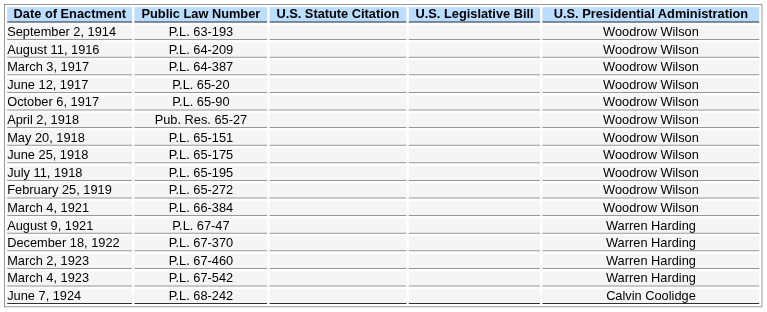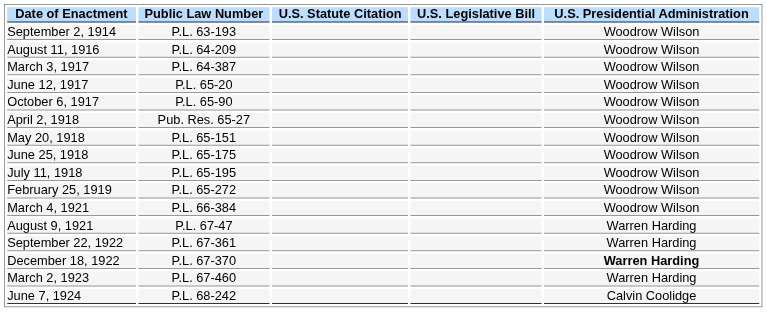 <table style="border:1px solid gray; align:left; width:75%" cellspacing=3 cellpadding=0>
 <tr style="font-weight:bold; text-align:center; background:#bbddff; color:black;">
 <th style=" border-bottom:1.5px solid black">Date of Enactment</th>
 <th style=" border-bottom:1.5px solid black">Public Law Number</th>
 <th style=" border-bottom:1.5px solid black">U.S. Statute Citation</th>
 <th style=" border-bottom:1.5px solid black">U.S. Legislative Bill</th>
 <th style=" border-bottom:1.5px solid black">U.S. Presidential Administration</th>
 </tr>
 <tr>
 <td style="border-bottom:1px solid gray; background:#F5F5F5;">September 2, 1914</td>
 <td style="border-bottom:1px solid gray; background:#F5F5F5; text-align:center;">P.L. 63-193</td>
 <td style="border-bottom:1px solid gray; background:#F5F5F5; text-align:center;"></td>
 <td style="border-bottom:1px solid gray; background:#F5F5F5; text-align:center;"></td>
 <td style="border-bottom:1px solid gray; background:#F5F5F5; text-align:center;">Woodrow Wilson</td>
 </tr>
 <tr>
 <td style="border-bottom:1px solid gray; background:#F5F5F5;">August 11, 1916</td>
 <td style="border-bottom:1px solid gray; background:#F5F5F5; text-align:center;">P.L. 64-209</td>
 <td style="border-bottom:1px solid gray; background:#F5F5F5; text-align:center;"></td>
 <td style="border-bottom:1px solid gray; background:#F5F5F5; text-align:center;"></td>
 <td style="border-bottom:1px solid gray; background:#F5F5F5; text-align:center;">Woodrow Wilson</td>
 </tr>
 <tr>
 <td style="border-bottom:1px solid gray; background:#F5F5F5;">March 3, 1917</td>
 <td style="border-bottom:1px solid gray; background:#F5F5F5; text-align:center;">P.L. 64-387</td>
 <td style="border-bottom:1px solid gray; background:#F5F5F5; text-align:center;"></td>
 <td style="border-bottom:1px solid gray; background:#F5F5F5; text-align:center;"></td>
 <td style="border-bottom:1px solid gray; background:#F5F5F5; text-align:center;">Woodrow Wilson</td>
 </tr>
 <tr>
 <td style="border-bottom:1px solid gray; background:#F5F5F5;">June 12, 1917</td>
 <td style="border-bottom:1px solid gray; background:#F5F5F5; text-align:center;">P.L. 65-20</td>
 <td style="border-bottom:1px solid gray; background:#F5F5F5; text-align:center;"></td>
 <td style="border-bottom:1px solid gray; background:#F5F5F5; text-align:center;"></td>
 <td style="border-bottom:1px solid gray; background:#F5F5F5; text-align:center;">Woodrow Wilson</td>
 </tr>
 <tr>
 <td style="border-bottom:1px solid gray; background:#F5F5F5;">October 6, 1917</td>
 <td style="border-bottom:1px solid gray; background:#F5F5F5; text-align:center;">P.L. 65-90</td>
 <td style="border-bottom:1px solid gray; background:#F5F5F5; text-align:center;"></td>
 <td style="border-bottom:1px solid gray; background:#F5F5F5; text-align:center;"></td>
 <td style="border-bottom:1px solid gray; background:#F5F5F5; text-align:center;">Woodrow Wilson</td>
 </tr>
 <tr>
 <td style="border-bottom:1px solid gray; background:#F5F5F5;">April 2, 1918</td>
 <td style="border-bottom:1px solid gray; background:#F5F5F5; text-align:center;">Pub. Res. 65-27</td>
 <td style="border-bottom:1px solid gray; background:#F5F5F5; text-align:center;"></td>
 <td style="border-bottom:1px solid gray; background:#F5F5F5; text-align:center;"></td>
 <td style="border-bottom:1px solid gray; background:#F5F5F5; text-align:center;">Woodrow Wilson</td>
 </tr>
 <tr>
 <td style="border-bottom:1px solid gray; background:#F5F5F5;">May 20, 1918</td>
 <td style="border-bottom:1px solid gray; background:#F5F5F5; text-align:center;">P.L. 65-151</td>
 <td style="border-bottom:1px solid gray; background:#F5F5F5; text-align:center;"></td>
 <td style="border-bottom:1px solid gray; background:#F5F5F5; text-align:center;"></td>
 <td style="border-bottom:1px solid gray; background:#F5F5F5; text-align:center;">Woodrow Wilson</td>
 </tr>
 <tr>
 <td style="border-bottom:1px solid gray; background:#F5F5F5;">June 25, 1918</td>
 <td style="border-bottom:1px solid gray; background:#F5F5F5; text-align:center;">P.L. 65-175</td>
 <td style="border-bottom:1px solid gray; background:#F5F5F5; text-align:center;"></td>
 <td style="border-bottom:1px solid gray; background:#F5F5F5; text-align:center;"></td>
 <td style="border-bottom:1px solid gray; background:#F5F5F5; text-align:center;">Woodrow Wilson</td>
 </tr>
 <tr>
 <td style="border-bottom:1px solid gray; background:#F5F5F5;">July 11, 1918</td>
 <td style="border-bottom:1px solid gray; background:#F5F5F5; text-align:center;">P.L. 65-195</td>
 <td style="border-bottom:1px solid gray; background:#F5F5F5; text-align:center;"></td>
 <td style="border-bottom:1px solid gray; background:#F5F5F5; text-align:center;"></td>
 <td style="border-bottom:1px solid gray; background:#F5F5F5; text-align:center;">Woodrow Wilson</td>
 </tr>
 <tr>
 <td style="border-bottom:1px solid gray; background:#F5F5F5;">February 25, 1919</td>
 <td style="border-bottom:1px solid gray; background:#F5F5F5; text-align:center;">P.L. 65-272</td>
 <td style="border-bottom:1px solid gray; background:#F5F5F5; text-align:center;"></td>
 <td style="border-bottom:1px solid gray; background:#F5F5F5; text-align:center;"></td>
 <td style="border-bottom:1px solid gray; background:#F5F5F5; text-align:center;">Woodrow Wilson</td>
 </tr>
 <tr>
 <td style="border-bottom:1px solid gray; background:#F5F5F5;">March 4, 1921</td>
 <td style="border-bottom:1px solid gray; background:#F5F5F5; text-align:center;">P.L. 66-384</td>
 <td style="border-bottom:1px solid gray; background:#F5F5F5; text-align:center;"></td>
 <td style="border-bottom:1px solid gray; background:#F5F5F5; text-align:center;"></td>
 <td style="border-bottom:1px solid gray; background:#F5F5F5; text-align:center;">Woodrow Wilson</td>
 </tr>
 <tr>
 <td style="border-bottom:1px solid gray; background:#F5F5F5;">August 9, 1921</td>
 <td style="border-bottom:1px solid gray; background:#F5F5F5; text-align:center;">P.L. 67-47</td>
 <td style="border-bottom:1px solid gray; background:#F5F5F5; text-align:center;"></td>
 <td style="border-bottom:1px solid gray; background:#F5F5F5; text-align:center;"></td>
 <td style="border-bottom:1px solid gray; background:#F5F5F5; text-align:center;">Warren Harding</td>
 </tr>
 <tr>
-<td style="border-bottom:1px solid gray; background:#F5F5F5;">December 18, 1922</td>
-<td style="border-bottom:1px solid gray; background:#F5F5F5; text-align:center;">P.L. 67-370</td>
+<td style="border-bottom:1px solid gray; background:#F5F5F5;">September 22, 1922</td>
+<td style="border-bottom:1px solid gray; background:#F5F5F5; text-align:center;">P.L. 67-361</td>
 <td style="border-bottom:1px solid gray; background:#F5F5F5; text-align:center;"></td>
 <td style="border-bottom:1px solid gray; background:#F5F5F5; text-align:center;"></td>
 <td style="border-bottom:1px solid gray; background:#F5F5F5; text-align:center;">Warren Harding</td>
 </tr>
 <tr>
+<td style="border-bottom:1px solid gray; background:#F5F5F5;">December 18, 1922</td>
+<td style="border-bottom:1px solid gray; background:#F5F5F5; text-align:center;">P.L. 67-370</td>
+<td style="border-bottom:1px solid gray; background:#F5F5F5; text-align:center;"></td>
+<td style="border-bottom:1px solid gray; background:#F5F5F5; text-align:center;"></td>
+<td style="border-bottom:1px solid gray; background:#F5F5F5; text-align:center;"><strong>Warren Harding</strong></td>
+</tr>
+<tr>
 <td style="border-bottom:1px solid gray; background:#F5F5F5;">March 2, 1923</td>
 <td style="border-bottom:1px solid gray; background:#F5F5F5; text-align:center;">P.L. 67-460</td>
-<td style="border-bottom:1px solid gray; background:#F5F5F5; text-align:center;"></td>
-<td style="border-bottom:1px solid gray; background:#F5F5F5; text-align:center;"></td>
-<td style="border-bottom:1px solid gray; background:#F5F5F5; text-align:center;">Warren Harding</td>
-</tr>
-<tr>
-<td style="border-bottom:1px solid gray; background:#F5F5F5;">March 4, 1923</td>
-<td style="border-bottom:1px solid gray; background:#F5F5F5; text-align:center;">P.L. 67-542</td>
 <td style="border-bottom:1px solid gray; background:#F5F5F5; text-align:center;"></td>
 <td style="border-bottom:1px solid gray; background:#F5F5F5; text-align:center;"></td>
 <td style="border-bottom:1px solid gray; background:#F5F5F5; text-align:center;">Warren Harding</td>
 </tr>
 <tr>
 <td style="border-bottom:1.5px solid black; background:#F5F5F5;">June 7, 1924</td>
 <td style="border-bottom:1.5px solid black; background:#F5F5F5; text-align:center;">P.L. 68-242</td>
 <td style="border-bottom:1.5px solid black; background:#F5F5F5; text-align:center;"></td>
 <td style="border-bottom:1.5px solid black; background:#F5F5F5; text-align:center;"></td>
 <td style="border-bottom:1.5px solid black; background:#F5F5F5; text-align:center;">Calvin Coolidge</td>
 </tr>
 </table>
